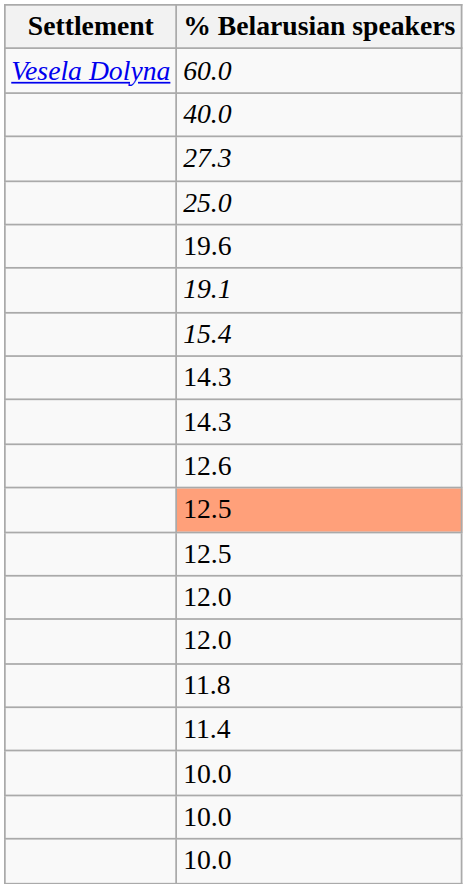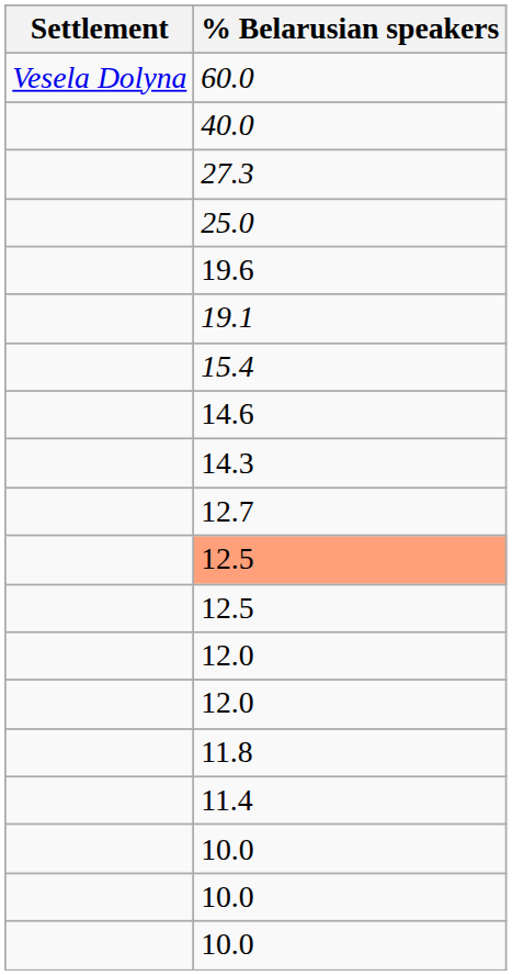 <table class="wikitable sortable">
 <tr>
 <th><strong>Settlement</strong></th>
 <th><strong>% Belarusian speakers</strong></th>
 </tr>
 <tr>
 <td><em><a href='#'>Vesela Dolyna</a></em></td>
 <td><em>60.0</em></td>
 </tr>
 <tr>
 <td><em></em></td>
 <td><em>40.0</em></td>
 </tr>
 <tr>
 <td><em></em></td>
 <td><em>27.3</em></td>
 </tr>
 <tr>
 <td><em></em></td>
 <td><em>25.0</em></td>
 </tr>
 <tr>
 <td></td>
 <td>19.6</td>
 </tr>
 <tr>
 <td><em></em></td>
 <td><em>19.1</em></td>
 </tr>
 <tr>
 <td><em></em></td>
 <td><em>15.4</em></td>
 </tr>
 <tr>
 <td><em></td>
-<td></em>14.3<em></td>
+<td></em>14.6<em></td>
 </tr>
 <tr>
 <td></em><em></td>
 <td></em>14.3<em></td>
 </tr>
 <tr>
 <td></td>
-<td>12.6</td>
+<td>12.7</td>
 </tr>
 <tr>
 <td></em><em></td>
 <td style="background: lightsalmon;"></em>12.5<em></td>
 </tr>
 <tr>
 <td></em><em></td>
 <td></em>12.5<em></td>
 </tr>
 <tr>
 <td></em><em></td>
 <td></em>12.0<em></td>
 </tr>
 <tr>
 <td></td>
 <td>12.0</td>
 </tr>
 <tr>
 <td></td>
 <td>11.8</td>
 </tr>
 <tr>
 <td></td>
 <td>11.4</td>
 </tr>
 <tr>
 <td></td>
 <td>10.0</td>
 </tr>
 <tr>
 <td></em><em></td>
 <td></em>10.0<em></td>
 </tr>
 <tr>
 <td></em><em></td>
 <td></em>10.0<em></td>
 </tr>
 </table>
